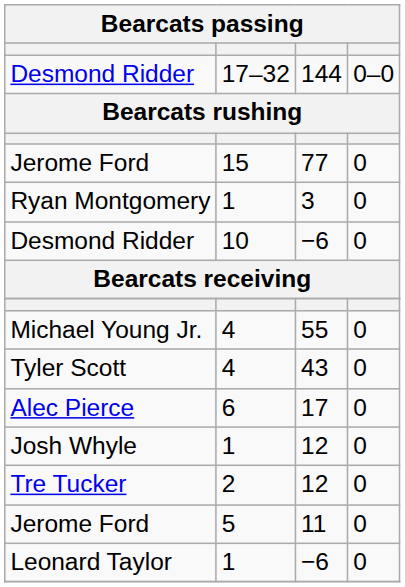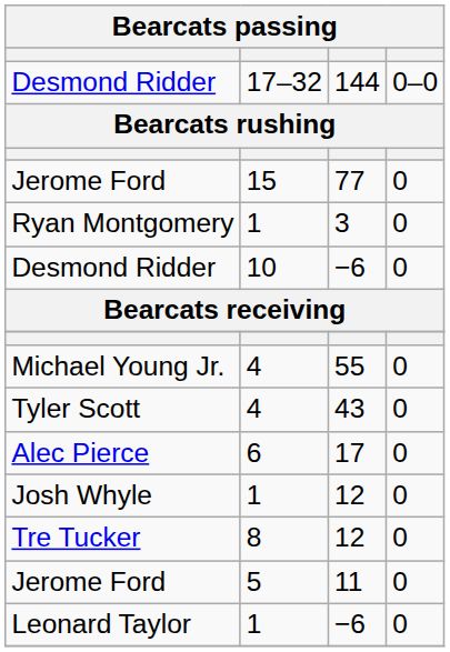 <table class="wikitable plainrowheaders">
 <tr>
 <th colspan="6">Bearcats passing</th>
 </tr>
 <tr>
 <th scope="col"></th>
 <th scope="col"></th>
 <th scope="col"></th>
 <th scope="col"></th>
 </tr>
 <tr>
 <td><a href='#'>Desmond Ridder</a></td>
 <td>17–32</td>
 <td>144</td>
 <td>0–0</td>
 </tr>
 <tr>
 <th colspan="6">Bearcats rushing</th>
 </tr>
 <tr>
 <th scope="col"></th>
 <th scope="col"></th>
 <th scope="col"></th>
 <th scope="col"></th>
 </tr>
 <tr>
 <td>Jerome Ford</td>
 <td>15</td>
 <td>77</td>
 <td>0</td>
 </tr>
 <tr>
 <td>Ryan Montgomery</td>
 <td>1</td>
 <td>3</td>
 <td>0</td>
 </tr>
 <tr>
 <td>Desmond Ridder</td>
 <td>10</td>
 <td>−6</td>
 <td>0</td>
 </tr>
 <tr>
 <th colspan="6">Bearcats receiving</th>
 </tr>
 <tr>
 </tr>
 <tr>
 <th scope="col"></th>
 <th scope="col"></th>
 <th scope="col"></th>
 <th scope="col"></th>
 </tr>
 <tr>
 <td>Michael Young Jr.</td>
 <td>4</td>
 <td>55</td>
 <td>0</td>
 </tr>
 <tr>
 <td>Tyler Scott</td>
 <td>4</td>
 <td>43</td>
 <td>0</td>
 </tr>
 <tr>
 <td><a href='#'>Alec Pierce</a></td>
 <td>6</td>
 <td>17</td>
 <td>0</td>
 </tr>
 <tr>
 <td>Josh Whyle</td>
 <td>1</td>
 <td>12</td>
 <td>0</td>
 </tr>
 <tr>
 <td><a href='#'>Tre Tucker</a></td>
-<td>2</td>
+<td>8</td>
 <td>12</td>
 <td>0</td>
 </tr>
 <tr>
 <td>Jerome Ford</td>
 <td>5</td>
 <td>11</td>
 <td>0</td>
 </tr>
 <tr>
 <td>Leonard Taylor</td>
 <td>1</td>
 <td>−6</td>
 <td>0</td>
 </tr>
 <tr>
 </tr>
 </table>
